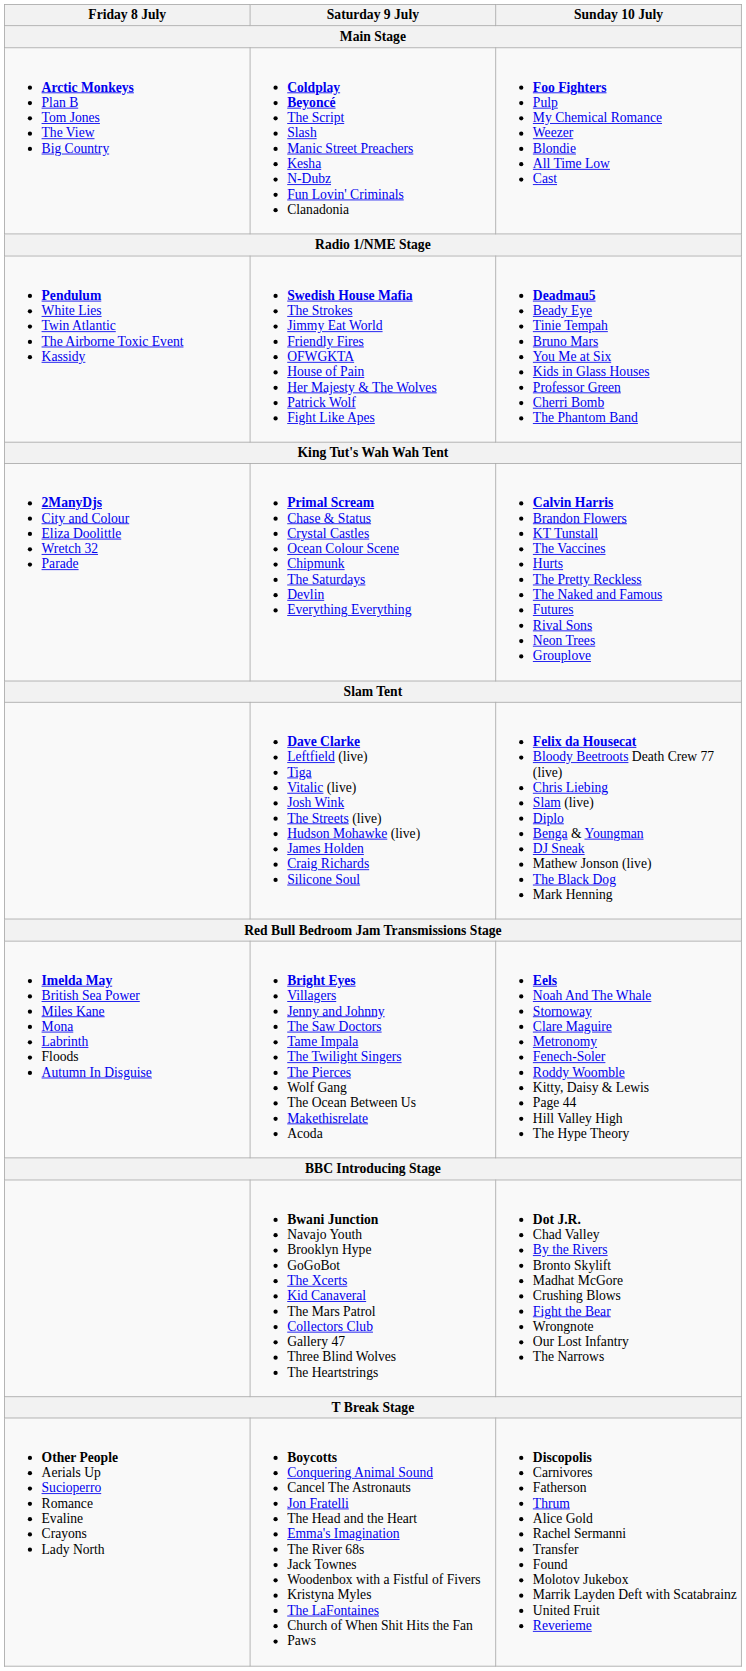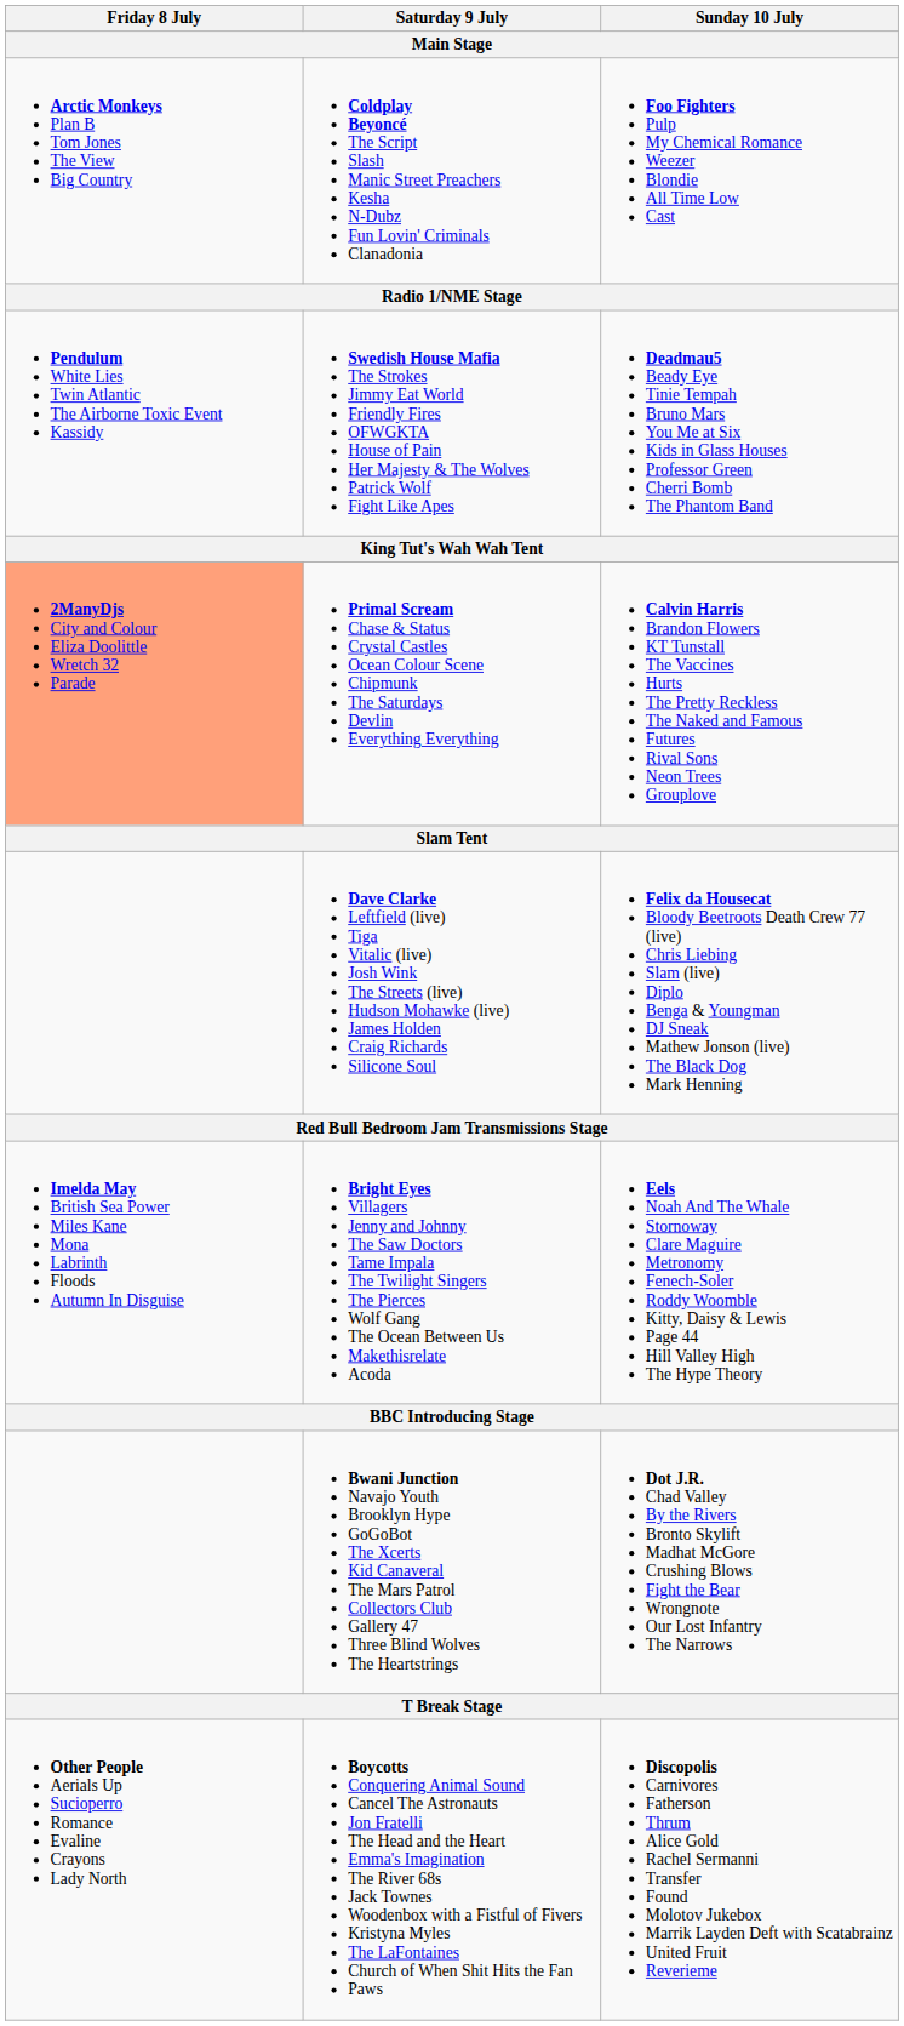 <table class="wikitable">
 <tr>
 <th width=33%>Friday 8 July</th>
 <th width=33%>Saturday 9 July</th>
 <th width=33%>Sunday 10 July</th>
 </tr>
 <tr>
 <th colspan=3>Main Stage</th>
 </tr>
 <tr valign="top">
 <td><br><ul><li><strong><a href='#'>Arctic Monkeys</a></strong></li><li><a href='#'>Plan B</a></li><li><a href='#'>Tom Jones</a></li><li><a href='#'>The View</a></li><li><a href='#'>Big Country</a></li></ul></td>
 <td><br><ul><li><strong><a href='#'>Coldplay</a></strong></li><li><strong><a href='#'>Beyoncé</a></strong></li><li><a href='#'>The Script</a></li><li><a href='#'>Slash</a></li><li><a href='#'>Manic Street Preachers</a></li><li><a href='#'>Kesha</a></li><li><a href='#'>N-Dubz</a></li><li><a href='#'>Fun Lovin' Criminals</a></li><li>Clanadonia</li></ul></td>
 <td><br><ul><li><strong><a href='#'>Foo Fighters</a></strong></li><li><a href='#'>Pulp</a></li><li><a href='#'>My Chemical Romance</a></li><li><a href='#'>Weezer</a></li><li><a href='#'>Blondie</a></li><li><a href='#'>All Time Low</a></li><li><a href='#'>Cast</a></li></ul></td>
 </tr>
 <tr>
 <th colspan=3>Radio 1/NME Stage</th>
 </tr>
 <tr valign="top">
 <td><br><ul><li><strong><a href='#'>Pendulum</a></strong></li><li><a href='#'>White Lies</a></li><li><a href='#'>Twin Atlantic</a></li><li><a href='#'>The Airborne Toxic Event</a></li><li><a href='#'>Kassidy</a></li></ul></td>
 <td><br><ul><li><strong><a href='#'>Swedish House Mafia</a></strong></li><li><a href='#'>The Strokes</a></li><li><a href='#'>Jimmy Eat World</a></li><li><a href='#'>Friendly Fires</a></li><li><a href='#'>OFWGKTA</a></li><li><a href='#'>House of Pain</a></li><li><a href='#'>Her Majesty & The Wolves</a></li><li><a href='#'>Patrick Wolf</a></li><li><a href='#'>Fight Like Apes</a></li></ul></td>
 <td><br><ul><li><strong><a href='#'>Deadmau5</a></strong></li><li><a href='#'>Beady Eye</a></li><li><a href='#'>Tinie Tempah</a></li><li><a href='#'>Bruno Mars</a></li><li><a href='#'>You Me at Six</a></li><li><a href='#'>Kids in Glass Houses</a></li><li><a href='#'>Professor Green</a></li><li><a href='#'>Cherri Bomb</a></li><li><a href='#'>The Phantom Band</a></li></ul></td>
 </tr>
 <tr>
 <th colspan=3>King Tut's Wah Wah Tent</th>
 </tr>
 <tr valign="top">
-<td><br><ul><li><strong><a href='#'>2ManyDjs</a></strong></li><li><a href='#'>City and Colour</a></li><li><a href='#'>Eliza Doolittle</a></li><li><a href='#'>Wretch 32</a></li><li><a href='#'>Parade</a></li></ul></td>
+<td style="background: lightsalmon;"><br><ul><li><strong><a href='#'>2ManyDjs</a></strong></li><li><a href='#'>City and Colour</a></li><li><a href='#'>Eliza Doolittle</a></li><li><a href='#'>Wretch 32</a></li><li><a href='#'>Parade</a></li></ul></td>
 <td><br><ul><li><strong><a href='#'>Primal Scream</a></strong></li><li><a href='#'>Chase & Status</a></li><li><a href='#'>Crystal Castles</a></li><li><a href='#'>Ocean Colour Scene</a></li><li><a href='#'>Chipmunk</a></li><li><a href='#'>The Saturdays</a></li><li><a href='#'>Devlin</a></li><li><a href='#'>Everything Everything</a></li></ul></td>
 <td><br><ul><li><strong><a href='#'>Calvin Harris</a></strong></li><li><a href='#'>Brandon Flowers</a></li><li><a href='#'>KT Tunstall</a></li><li><a href='#'>The Vaccines</a></li><li><a href='#'>Hurts</a></li><li><a href='#'>The Pretty Reckless</a></li><li><a href='#'>The Naked and Famous</a></li><li><a href='#'>Futures</a></li><li><a href='#'>Rival Sons</a></li><li><a href='#'>Neon Trees</a></li><li><a href='#'>Grouplove</a></li></ul></td>
 </tr>
 <tr>
 <th colspan=3>Slam Tent</th>
 </tr>
 <tr valign="top">
 <td></td>
 <td><br><ul><li><strong><a href='#'>Dave Clarke</a></strong></li><li><a href='#'>Leftfield</a> (live)</li><li><a href='#'>Tiga</a></li><li><a href='#'>Vitalic</a> (live)</li><li><a href='#'>Josh Wink</a></li><li><a href='#'>The Streets</a> (live)</li><li><a href='#'>Hudson Mohawke</a> (live)</li><li><a href='#'>James Holden</a></li><li><a href='#'>Craig Richards</a></li><li><a href='#'>Silicone Soul</a></li></ul></td>
 <td><br><ul><li><strong><a href='#'>Felix da Housecat</a></strong></li><li><a href='#'>Bloody Beetroots</a> Death Crew 77 (live)</li><li><a href='#'>Chris Liebing</a></li><li><a href='#'>Slam</a> (live)</li><li><a href='#'>Diplo</a></li><li><a href='#'>Benga</a> & <a href='#'>Youngman</a></li><li><a href='#'>DJ Sneak</a></li><li>Mathew Jonson (live)</li><li><a href='#'>The Black Dog</a></li><li>Mark Henning</li></ul></td>
 </tr>
 <tr>
 <th colspan=3>Red Bull Bedroom Jam Transmissions Stage</th>
 </tr>
 <tr valign="top">
 <td><br><ul><li><strong><a href='#'>Imelda May</a></strong></li><li><a href='#'>British Sea Power</a></li><li><a href='#'>Miles Kane</a></li><li><a href='#'>Mona</a></li><li><a href='#'>Labrinth</a></li><li>Floods</li><li><a href='#'>Autumn In Disguise</a></li></ul></td>
 <td><br><ul><li><strong><a href='#'>Bright Eyes</a></strong></li><li><a href='#'>Villagers</a></li><li><a href='#'>Jenny and Johnny</a></li><li><a href='#'>The Saw Doctors</a></li><li><a href='#'>Tame Impala</a></li><li><a href='#'>The Twilight Singers</a></li><li><a href='#'>The Pierces</a></li><li>Wolf Gang</li><li>The Ocean Between Us</li><li><a href='#'>Makethisrelate</a></li><li>Acoda</li></ul></td>
 <td><br><ul><li><strong><a href='#'>Eels</a></strong></li><li><a href='#'>Noah And The Whale</a></li><li><a href='#'>Stornoway</a></li><li><a href='#'>Clare Maguire</a></li><li><a href='#'>Metronomy</a></li><li><a href='#'>Fenech-Soler</a></li><li><a href='#'>Roddy Woomble</a></li><li>Kitty, Daisy & Lewis</li><li>Page 44</li><li>Hill Valley High</li><li>The Hype Theory</li></ul></td>
 </tr>
 <tr>
 <th colspan=3>BBC Introducing Stage</th>
 </tr>
 <tr valign="top">
 <td></td>
 <td><br><ul><li><strong>Bwani Junction</strong></li><li>Navajo Youth</li><li>Brooklyn Hype</li><li>GoGoBot</li><li><a href='#'>The Xcerts</a></li><li><a href='#'>Kid Canaveral</a></li><li>The Mars Patrol</li><li><a href='#'>Collectors Club</a></li><li>Gallery 47</li><li>Three Blind Wolves</li><li>The Heartstrings</li></ul></td>
 <td><br><ul><li><strong>Dot J.R.</strong></li><li>Chad Valley</li><li><a href='#'>By the Rivers</a></li><li>Bronto Skylift</li><li>Madhat McGore</li><li>Crushing Blows</li><li><a href='#'>Fight the Bear</a></li><li>Wrongnote</li><li>Our Lost Infantry</li><li>The Narrows</li></ul></td>
 </tr>
 <tr>
 <th colspan=3>T Break Stage</th>
 </tr>
 <tr valign="top">
 <td><br><ul><li><strong>Other People</strong></li><li>Aerials Up</li><li><a href='#'>Sucioperro</a></li><li>Romance</li><li>Evaline</li><li>Crayons</li><li>Lady North</li></ul></td>
 <td><br><ul><li><strong>Boycotts</strong></li><li><a href='#'>Conquering Animal Sound</a></li><li>Cancel The Astronauts</li><li><a href='#'>Jon Fratelli</a></li><li>The Head and the Heart</li><li><a href='#'>Emma's Imagination</a></li><li>The River 68s</li><li>Jack Townes</li><li>Woodenbox with a Fistful of Fivers</li><li>Kristyna Myles</li><li><a href='#'>The LaFontaines</a></li><li>Church of When Shit Hits the Fan</li><li>Paws</li></ul></td>
 <td><br><ul><li><strong>Discopolis</strong></li><li>Carnivores</li><li>Fatherson</li><li><a href='#'>Thrum</a></li><li>Alice Gold</li><li>Rachel Sermanni</li><li>Transfer</li><li>Found</li><li>Molotov Jukebox</li><li>Marrik Layden Deft with Scatabrainz</li><li>United Fruit</li><li><a href='#'>Reverieme</a></li></ul></td>
 </tr>
 </table>
